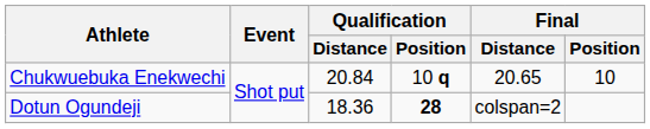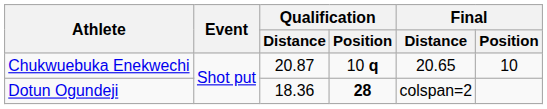 <table class=wikitable style=font-size:90%>
 <tr>
 <th rowspan=2>Athlete</th>
 <th rowspan=2>Event</th>
 <th colspan=2>Qualification</th>
 <th colspan=2>Final</th>
 </tr>
 <tr style=font-size:95%>
 <th>Distance</th>
 <th>Position</th>
 <th>Distance</th>
 <th>Position</th>
 </tr>
 <tr align=center>
 <td align=left><a href='#'>Chukwuebuka Enekwechi</a></td>
 <td align=left rowspan=2><a href='#'>Shot put</a></td>
-<td>20.84</td>
+<td>20.87</td>
 <td>10 <strong>q</strong></td>
 <td>20.65</td>
 <td>10</td>
 </tr>
 <tr align=center>
 <td align=left><a href='#'>Dotun Ogundeji</a></td>
 <td>18.36</td>
 <td><strong>28</strong></td>
 <td>colspan=2 </td>
 </tr>
 </table>
